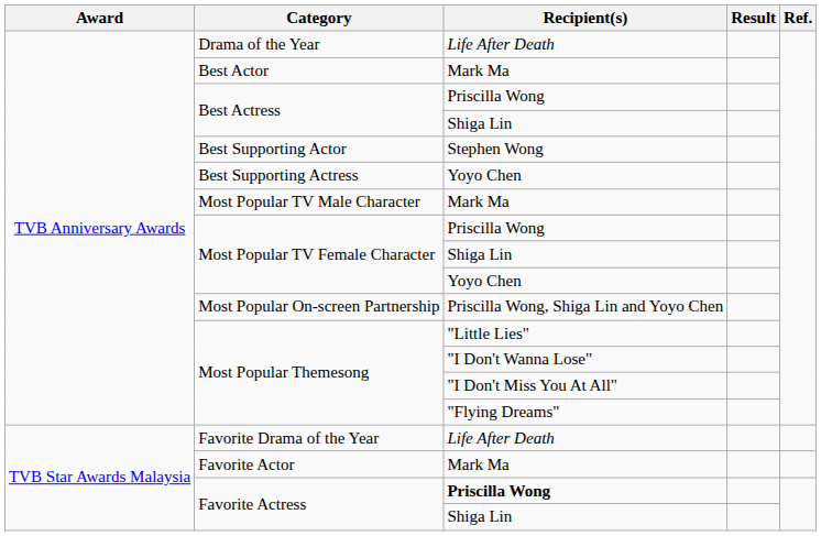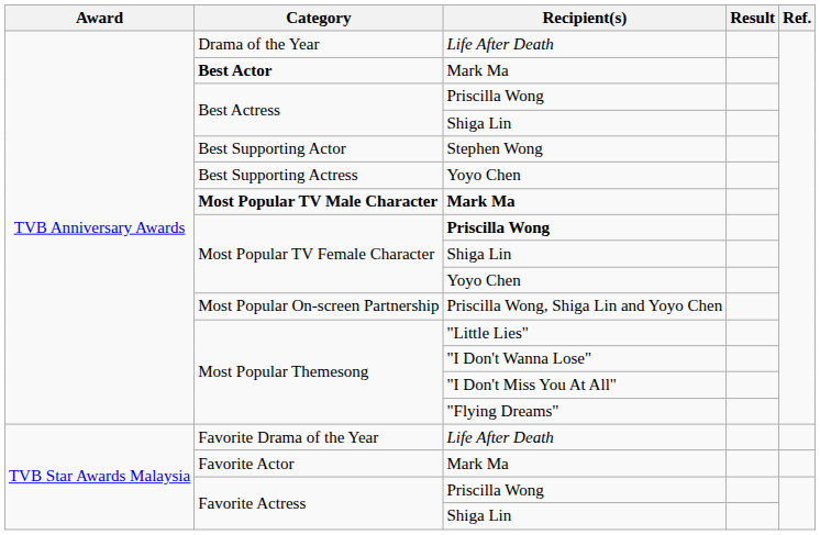 <table class="wikitable">
 <tr>
 <th>Award</th>
 <th>Category</th>
 <th>Recipient(s)</th>
 <th>Result</th>
 <th>Ref.</th>
 </tr>
 <tr>
 <td rowspan="15"style="text-align:center;"><a href='#'>TVB Anniversary Awards</a></td>
 <td>Drama of the Year</td>
 <td><em>Life After Death</em></td>
 <td></td>
 <td rowspan="15"></td>
 </tr>
 <tr>
-<td>Best Actor</td>
+<td><strong>Best Actor</strong></td>
 <td>Mark Ma</td>
 <td></td>
 </tr>
 <tr>
 <td rowspan="2">Best Actress</td>
 <td>Priscilla Wong</td>
 <td></td>
 </tr>
 <tr>
 <td>Shiga Lin</td>
 <td></td>
 </tr>
 <tr>
 <td>Best Supporting Actor</td>
 <td>Stephen Wong</td>
 <td></td>
 </tr>
 <tr>
 <td>Best Supporting Actress</td>
 <td>Yoyo Chen</td>
 <td></td>
 </tr>
 <tr>
-<td>Most Popular TV Male Character</td>
-<td>Mark Ma</td>
+<td><strong>Most Popular TV Male Character</strong></td>
+<td><strong>Mark Ma</strong></td>
 <td></td>
 </tr>
 <tr>
 <td rowspan="3">Most Popular TV Female Character</td>
-<td>Priscilla Wong</td>
+<td><strong>Priscilla Wong</strong></td>
 <td></td>
 </tr>
 <tr>
 <td>Shiga Lin</td>
 <td></td>
 </tr>
 <tr>
 <td>Yoyo Chen</td>
 <td></td>
 </tr>
 <tr>
 <td>Most Popular On-screen Partnership</td>
 <td>Priscilla Wong, Shiga Lin and Yoyo Chen</td>
 <td></td>
 </tr>
 <tr>
 <td rowspan="4">Most Popular Themesong</td>
 <td>"Little Lies"</td>
 <td></td>
 </tr>
 <tr>
 <td>"I Don't Wanna Lose"</td>
 <td></td>
 </tr>
 <tr>
 <td>"I Don't Miss You At All"</td>
 <td></td>
 </tr>
 <tr>
 <td>"Flying Dreams"</td>
 <td></td>
 </tr>
 <tr>
 <td rowspan="4" style="text-align:center;"><a href='#'>TVB Star Awards Malaysia</a></td>
 <td>Favorite Drama of the Year</td>
 <td><em>Life After Death</em></td>
 <td></td>
 <td></td>
 </tr>
 <tr>
 <td>Favorite Actor</td>
 <td>Mark Ma</td>
 <td></td>
 <td></td>
 </tr>
 <tr>
 <td rowspan="2">Favorite Actress</td>
-<td><strong>Priscilla Wong</strong></td>
+<td>Priscilla Wong</td>
 <td></td>
 <td rowspan="2"></td>
 </tr>
 <tr>
 <td>Shiga Lin</td>
 <td></td>
 </tr>
 </table>
